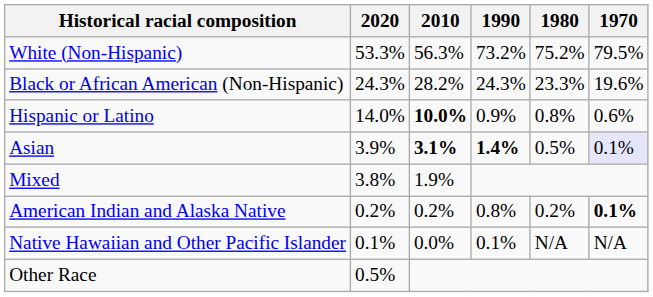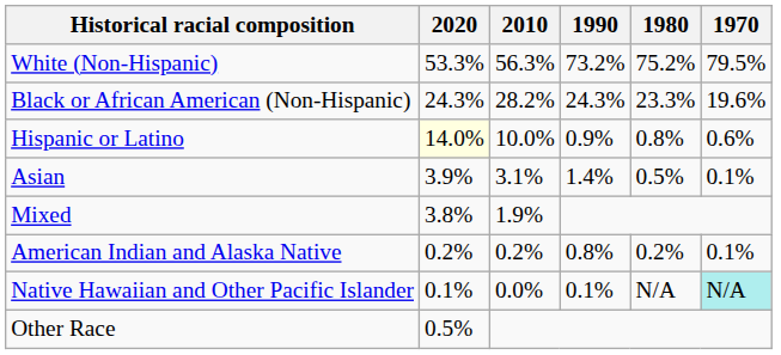 <table class="wikitable sortable collapsible" style="font-size: 90%;">
 <tr>
 <th>Historical racial composition</th>
 <th>2020</th>
 <th>2010</th>
 <th>1990</th>
 <th>1980</th>
 <th>1970</th>
 </tr>
 <tr>
 <td><a href='#'>White (Non-Hispanic)</a></td>
 <td>53.3%</td>
 <td>56.3%</td>
 <td>73.2%</td>
 <td>75.2%</td>
 <td>79.5%</td>
 </tr>
 <tr>
 <td><a href='#'>Black or African American</a> (Non-Hispanic)</td>
 <td>24.3%</td>
 <td>28.2%</td>
 <td>24.3%</td>
 <td>23.3%</td>
 <td>19.6%</td>
 </tr>
 <tr>
 <td><a href='#'>Hispanic or Latino</a></td>
-<td>14.0%</td>
-<td><strong>10.0%</strong></td>
+<td style="background: lightyellow;">14.0%</td>
+<td>10.0%</td>
 <td>0.9%</td>
 <td>0.8%</td>
 <td>0.6%</td>
 </tr>
 <tr>
 <td><a href='#'>Asian</a></td>
 <td>3.9%</td>
-<td><strong>3.1%</strong></td>
-<td><strong>1.4%</strong></td>
+<td>3.1%</td>
+<td>1.4%</td>
 <td>0.5%</td>
-<td style="background: lavender;">0.1%</td>
+<td>0.1%</td>
 </tr>
 <tr>
 <td><a href='#'>Mixed</a></td>
 <td>3.8%</td>
 <td>1.9%</td>
 </tr>
 <tr>
 <td><a href='#'>American Indian and Alaska Native</a></td>
 <td>0.2%</td>
 <td>0.2%</td>
 <td>0.8%</td>
 <td>0.2%</td>
-<td><strong>0.1%</strong></td>
+<td>0.1%</td>
 </tr>
 <tr>
 <td><a href='#'>Native Hawaiian and Other Pacific Islander</a></td>
 <td>0.1%</td>
 <td>0.0%</td>
 <td>0.1%</td>
 <td>N/A</td>
-<td>N/A</td>
+<td style="background: paleturquoise;">N/A</td>
 </tr>
 <tr>
 <td>Other Race</td>
 <td>0.5%</td>
 </tr>
 </table>
